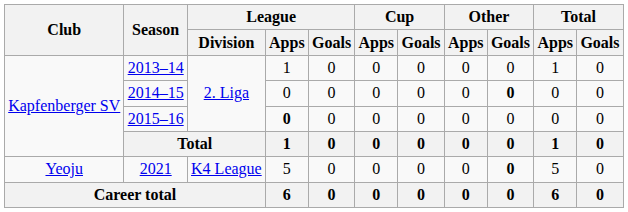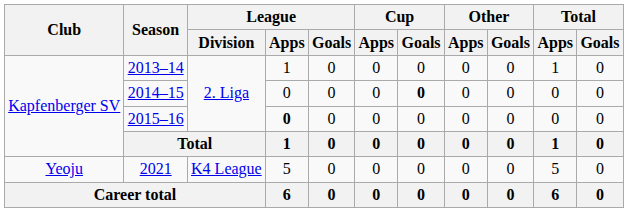 <table class="wikitable" style="text-align: center">
 <tr>
 <th rowspan="2">Club</th>
 <th rowspan="2">Season</th>
 <th colspan="3">League</th>
 <th colspan="2">Cup</th>
 <th colspan="2">Other</th>
 <th colspan="2">Total</th>
 </tr>
 <tr>
 <th>Division</th>
 <th>Apps</th>
 <th>Goals</th>
 <th>Apps</th>
 <th>Goals</th>
 <th>Apps</th>
 <th>Goals</th>
 <th>Apps</th>
 <th>Goals</th>
 </tr>
 <tr>
 <td rowspan="4"><a href='#'>Kapfenberger SV</a></td>
 <td><a href='#'>2013–14</a></td>
 <td rowspan="3"><a href='#'>2. Liga</a></td>
 <td>1</td>
 <td>0</td>
 <td>0</td>
 <td>0</td>
 <td>0</td>
 <td>0</td>
 <td>1</td>
 <td>0</td>
 </tr>
 <tr>
 <td><a href='#'>2014–15</a></td>
 <td>0</td>
 <td>0</td>
 <td>0</td>
+<td><strong>0</strong></td>
 <td>0</td>
 <td>0</td>
-<td><strong>0</strong></td>
 <td>0</td>
 <td>0</td>
 </tr>
 <tr>
 <td><a href='#'>2015–16</a></td>
 <td><strong>0</strong></td>
 <td>0</td>
 <td>0</td>
 <td>0</td>
 <td>0</td>
 <td>0</td>
 <td>0</td>
 <td>0</td>
 </tr>
 <tr>
 <th colspan=2>Total</th>
 <th>1</th>
 <th>0</th>
 <th>0</th>
 <th>0</th>
 <th>0</th>
 <th>0</th>
 <th>1</th>
 <th>0</th>
 </tr>
 <tr>
 <td><a href='#'>Yeoju</a></td>
 <td><a href='#'>2021</a></td>
 <td><a href='#'>K4 League</a></td>
 <td>5</td>
 <td>0</td>
 <td>0</td>
 <td>0</td>
 <td>0</td>
-<td><strong>0</strong></td>
+<td>0</td>
 <td>5</td>
 <td>0</td>
 </tr>
 <tr>
 <th colspan=3>Career total</th>
 <th>6</th>
 <th>0</th>
 <th>0</th>
 <th>0</th>
 <th>0</th>
 <th>0</th>
 <th>6</th>
 <th>0</th>
 </tr>
 </table>
